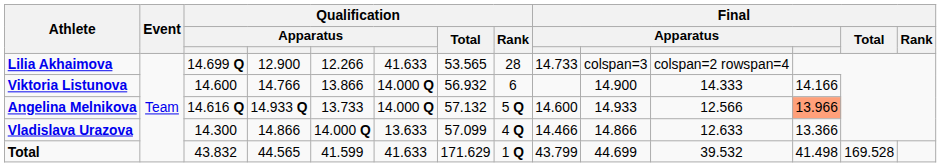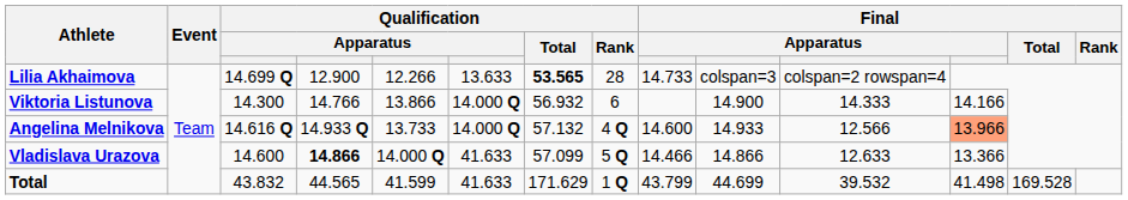 <table class="wikitable" style="text-align:center; font-size:90%">
 <tr>
 <th rowspan=3>Athlete</th>
 <th rowspan=3>Event</th>
 <th colspan=6>Qualification</th>
 <th colspan=6>Final</th>
 </tr>
 <tr style="font-size:95%">
 <th colspan=4>Apparatus</th>
 <th rowspan=2>Total</th>
 <th rowspan=2>Rank</th>
 <th colspan=4>Apparatus</th>
 <th rowspan=2>Total</th>
 <th rowspan=2>Rank</th>
 </tr>
 <tr style="font-size:95%">
 <th></th>
 <th></th>
 <th></th>
 <th></th>
 <th></th>
 <th></th>
 <th></th>
 <th></th>
 </tr>
 <tr>
 <td align=left><strong><a href='#'>Lilia Akhaimova</a></strong></td>
 <td rowspan=5><a href='#'>Team</a></td>
 <td>14.699 <strong>Q</strong></td>
 <td>12.900</td>
 <td>12.266</td>
-<td>41.633</td>
-<td>53.565</td>
+<td>13.633</td>
+<td><strong>53.565</strong></td>
 <td>28</td>
 <td>14.733</td>
 <td>colspan=3 </td>
 <td>colspan=2 rowspan=4 </td>
 </tr>
 <tr>
 <td align=left><strong><a href='#'>Viktoria Listunova</a></strong></td>
-<td>14.600</td>
+<td>14.300</td>
 <td>14.766</td>
 <td>13.866</td>
 <td>14.000 <strong>Q</strong></td>
 <td>56.932</td>
 <td>6</td>
 <td></td>
 <td>14.900</td>
 <td>14.333</td>
 <td>14.166</td>
 </tr>
 <tr>
 <td align=left><strong><a href='#'>Angelina Melnikova</a></strong></td>
 <td>14.616 <strong>Q</strong></td>
 <td>14.933 <strong>Q</strong></td>
 <td>13.733</td>
 <td>14.000 <strong>Q</strong></td>
 <td>57.132</td>
-<td>5 <strong>Q</strong></td>
+<td>4 <strong>Q</strong></td>
 <td>14.600</td>
 <td>14.933</td>
 <td>12.566</td>
 <td style="background: lightsalmon;">13.966</td>
 </tr>
 <tr>
 <td align=left><strong><a href='#'>Vladislava Urazova</a></strong></td>
-<td>14.300</td>
-<td>14.866</td>
+<td>14.600</td>
+<td><strong>14.866</strong></td>
 <td>14.000 <strong>Q</strong></td>
-<td>13.633</td>
+<td>41.633</td>
 <td>57.099</td>
-<td>4 <strong>Q</strong></td>
+<td>5 <strong>Q</strong></td>
 <td>14.466</td>
 <td>14.866</td>
 <td>12.633</td>
 <td>13.366</td>
 </tr>
 <tr>
 <td align=left><strong>Total</strong></td>
 <td>43.832</td>
 <td>44.565</td>
 <td>41.599</td>
 <td>41.633</td>
 <td>171.629</td>
 <td>1 <strong>Q</strong></td>
 <td>43.799</td>
 <td>44.699</td>
 <td>39.532</td>
 <td>41.498</td>
 <td>169.528</td>
 <td></td>
 </tr>
 </table>
